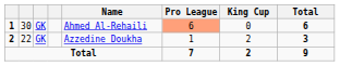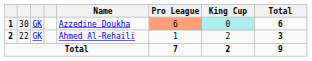 <table class="wikitable" style="text-align:center">
 <tr>
 <th width=15></th>
 <th width=15></th>
 <th width=15></th>
 <th width=15></th>
 <th width=145>Name</th>
 <th width=80>Pro League</th>
 <th width=80>King Cup</th>
 <th width=80>Total</th>
 </tr>
 <tr>
 <td><strong>1</strong></td>
 <td>30</td>
 <td><a href='#'>GK</a></td>
 <td></td>
-<td align=left><a href='#'>Ahmed Al-Rehaili</a></td>
+<td align=left><a href='#'>Azzedine Doukha</a></td>
 <td style="background: lightsalmon;">6</td>
-<td>0</td>
+<td style="background: paleturquoise;">0</td>
 <td><strong>6</strong></td>
 </tr>
 <tr>
 <td><strong>2</strong></td>
 <td>22</td>
 <td><a href='#'>GK</a></td>
 <td></td>
-<td align=left><a href='#'>Azzedine Doukha</a></td>
+<td align=left><a href='#'>Ahmed Al-Rehaili</a></td>
 <td>1</td>
 <td>2</td>
 <td><strong>3</strong></td>
 </tr>
 <tr>
 <td colspan=5><strong>Total</strong></td>
 <td><strong>7</strong></td>
 <td><strong>2</strong></td>
 <td><strong>9</strong></td>
 </tr>
 </table>
